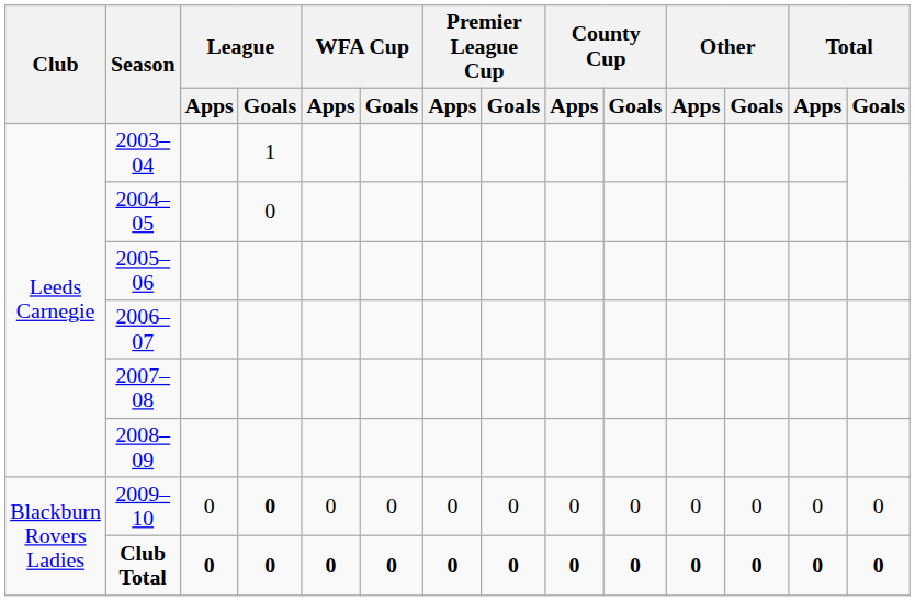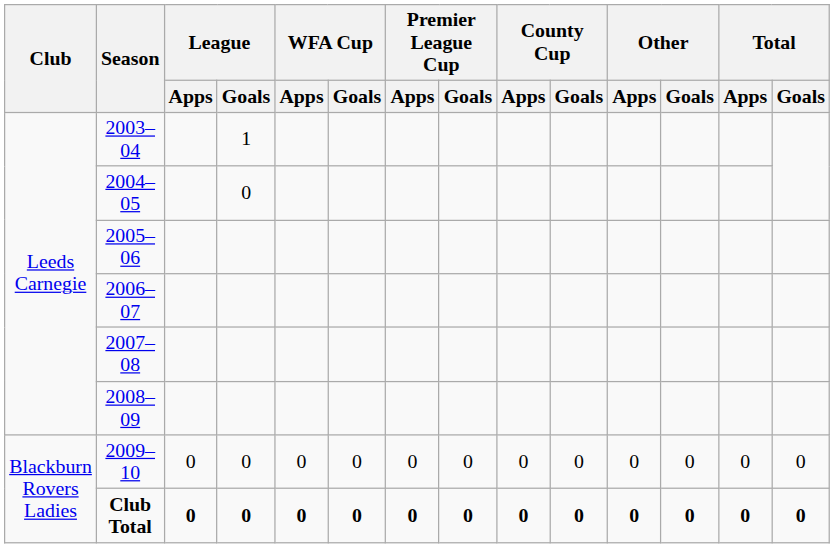 <table class="wikitable" border="1" style="text-align: center;">
 <tr>
 <th rowspan="2">Club</th>
 <th rowspan="2">Season</th>
 <th colspan="2">League</th>
 <th colspan="2">WFA Cup</th>
 <th colspan="2">Premier League Cup</th>
 <th colspan="2">County Cup</th>
 <th colspan="2">Other</th>
 <th colspan="2">Total</th>
 </tr>
 <tr>
 <th>Apps</th>
 <th>Goals</th>
 <th>Apps</th>
 <th>Goals</th>
 <th>Apps</th>
 <th>Goals</th>
 <th>Apps</th>
 <th>Goals</th>
 <th>Apps</th>
 <th>Goals</th>
 <th>Apps</th>
 <th>Goals</th>
 </tr>
 <tr>
 <td rowspan="6" valign="center"><a href='#'>Leeds Carnegie</a></td>
 <td><a href='#'>2003–04</a></td>
 <td></td>
 <td>1</td>
 <td></td>
 <td></td>
 <td></td>
 <td></td>
 <td></td>
 <td></td>
 <td></td>
 <td></td>
 <td></td>
 </tr>
 <tr>
 <td><a href='#'>2004–05</a></td>
 <td></td>
 <td>0</td>
 <td></td>
 <td></td>
 <td></td>
 <td></td>
 <td></td>
 <td></td>
 <td></td>
 <td></td>
 <td></td>
 </tr>
 <tr>
 <td><a href='#'>2005–06</a></td>
 <td></td>
 <td></td>
 <td></td>
 <td></td>
 <td></td>
 <td></td>
 <td></td>
 <td></td>
 <td></td>
 <td></td>
 <td></td>
 <td></td>
 </tr>
 <tr>
 <td><a href='#'>2006–07</a></td>
 <td></td>
 <td></td>
 <td></td>
 <td></td>
 <td></td>
 <td></td>
 <td></td>
 <td></td>
 <td></td>
 <td></td>
 <td></td>
 <td></td>
 </tr>
 <tr>
 <td><a href='#'>2007–08</a></td>
 <td></td>
 <td></td>
 <td></td>
 <td></td>
 <td></td>
 <td></td>
 <td></td>
 <td></td>
 <td></td>
 <td></td>
 <td></td>
 <td></td>
 </tr>
 <tr>
 <td><a href='#'>2008–09</a></td>
 <td></td>
 <td></td>
 <td></td>
 <td></td>
 <td></td>
 <td></td>
 <td></td>
 <td></td>
 <td></td>
 <td></td>
 <td></td>
 <td></td>
 </tr>
 <tr>
 <td rowspan="2" valign="center"><a href='#'>Blackburn Rovers Ladies</a></td>
 <td><a href='#'>2009–10</a></td>
 <td>0</td>
-<td><strong>0</strong></td>
+<td>0</td>
 <td>0</td>
 <td>0</td>
 <td>0</td>
 <td>0</td>
 <td>0</td>
 <td>0</td>
 <td>0</td>
 <td>0</td>
 <td>0</td>
 <td>0</td>
 </tr>
 <tr>
 <td><strong>Club Total</strong></td>
 <td><strong>0</strong></td>
 <td><strong>0</strong></td>
 <td><strong>0</strong></td>
 <td><strong>0</strong></td>
 <td><strong>0</strong></td>
 <td><strong>0</strong></td>
 <td><strong>0</strong></td>
 <td><strong>0</strong></td>
 <td><strong>0</strong></td>
 <td><strong>0</strong></td>
 <td><strong>0</strong></td>
 <td><strong>0</strong></td>
 </tr>
 </table>
